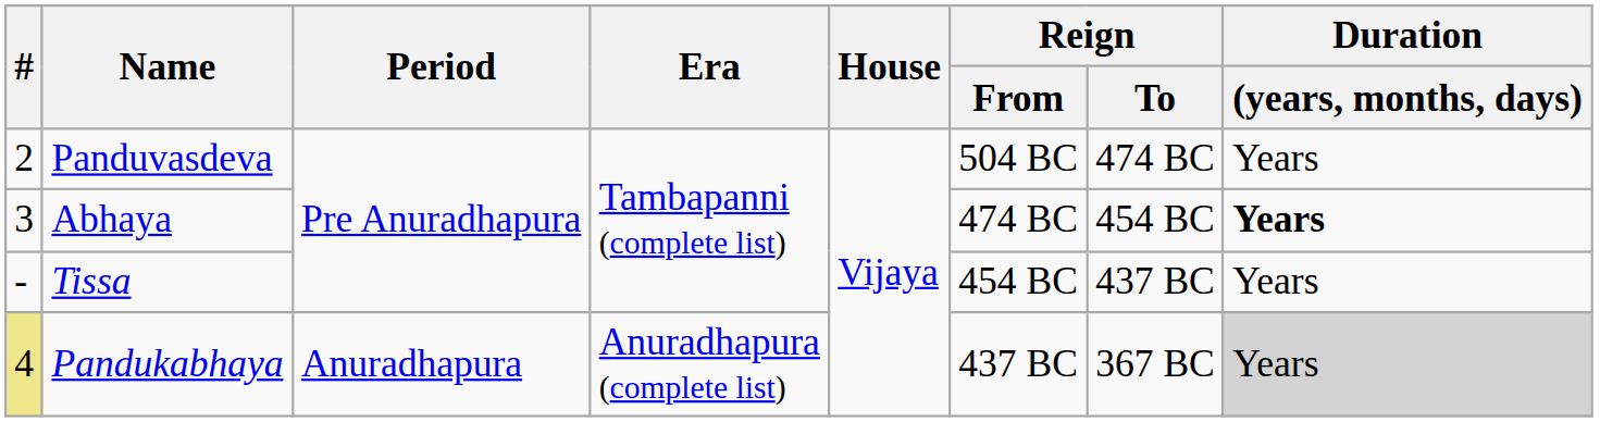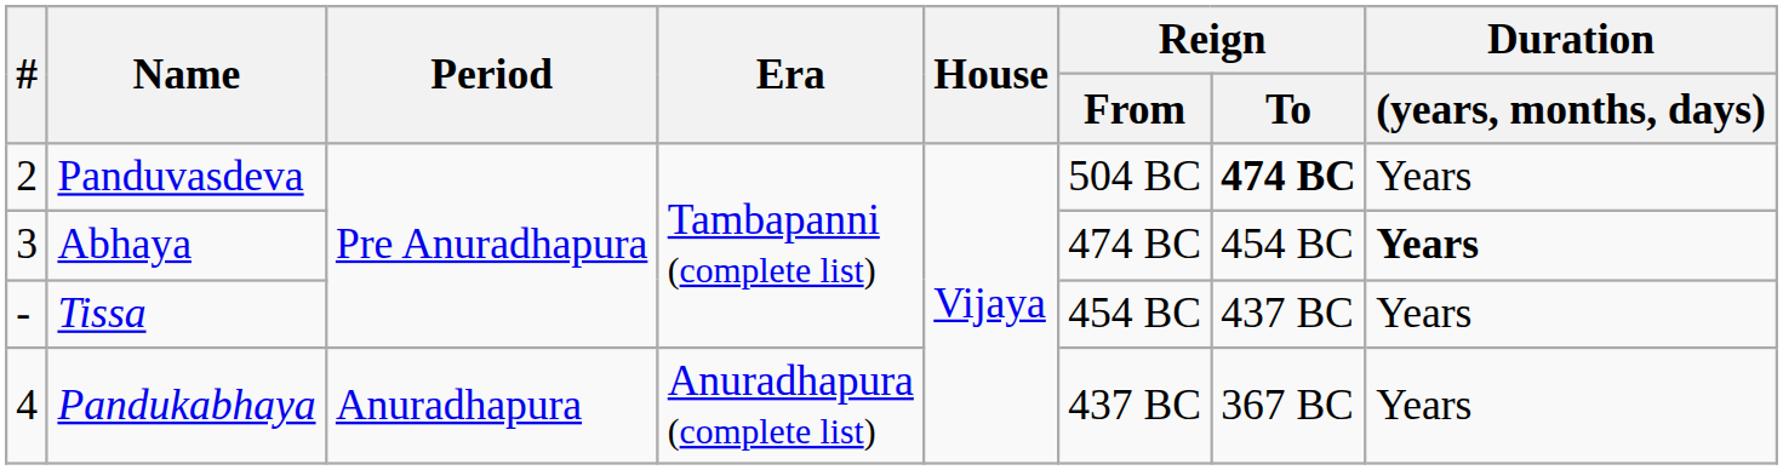 <table class="wikitable sortable">
 <tr style="background:#efefef;">
 <th rowspan=2>#</th>
 <th rowspan=2>Name</th>
 <th rowspan=2>Period</th>
 <th rowspan=2>Era</th>
 <th rowspan=2>House</th>
 <th colspan=2>Reign</th>
 <th colspan=1>Duration</th>
 </tr>
 <tr>
 <th>From</th>
 <th>To</th>
 <th>(years, months, days)</th>
 </tr>
 <tr>
 <td>2</td>
 <td><a href='#'>Panduvasdeva</a></td>
 <td rowspan=3><a href='#'>Pre Anuradhapura</a></td>
 <td rowspan=3><a href='#'>Tambapanni</a><br><small>(<a href='#'>complete list</a>)</small></td>
 <td rowspan=6><a href='#'>Vijaya</a></td>
 <td>504 BC</td>
-<td>474 BC</td>
+<td><strong>474 BC</strong></td>
 <td> Years</td>
 </tr>
 <tr>
 <td>3</td>
 <td><a href='#'>Abhaya</a></td>
 <td>474 BC</td>
 <td>454 BC</td>
 <td><strong> Years</strong></td>
 </tr>
 <tr>
 <td>-</td>
 <td><em><a href='#'>Tissa</a></em></td>
 <td>454 BC</td>
 <td>437 BC</td>
 <td> Years</td>
 </tr>
 <tr>
-<td style="background: khaki;">4</td>
+<td>4</td>
 <td><em><a href='#'>Pandukabhaya</a></em></td>
 <td><a href='#'>Anuradhapura</a></td>
 <td><a href='#'>Anuradhapura</a><br><small>(<a href='#'>complete list</a>)</small></td>
 <td>437 BC</td>
 <td>367 BC</td>
-<td style="background: lightgrey;"> Years</td>
+<td> Years</td>
 </tr>
 </table>
